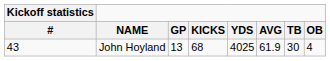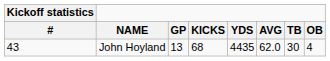 <table class="wikitable collapsible">
 <tr>
 <th style="text-align:center; ">Kickoff statistics</th>
 </tr>
 <tr>
 <th>#</th>
 <th>NAME</th>
 <th>GP</th>
 <th>KICKS</th>
 <th>YDS</th>
 <th>AVG</th>
 <th>TB</th>
 <th>OB</th>
 </tr>
 <tr>
 <td>43</td>
 <td>John Hoyland</td>
 <td>13</td>
 <td>68</td>
-<td>4025</td>
-<td>61.9</td>
+<td>4435</td>
+<td>62.0</td>
 <td>30</td>
 <td>4</td>
 </tr>
 </table>
